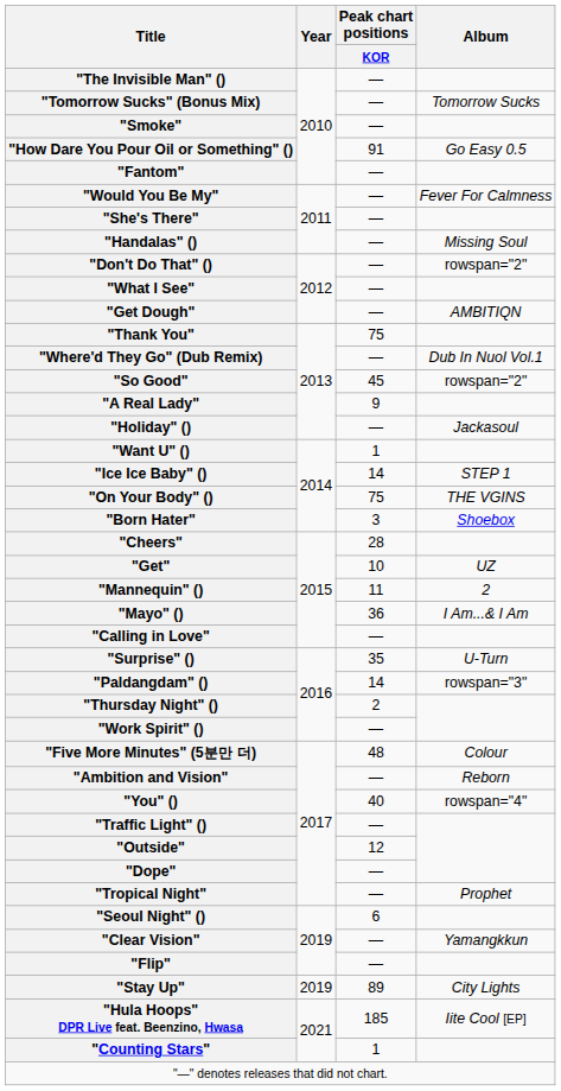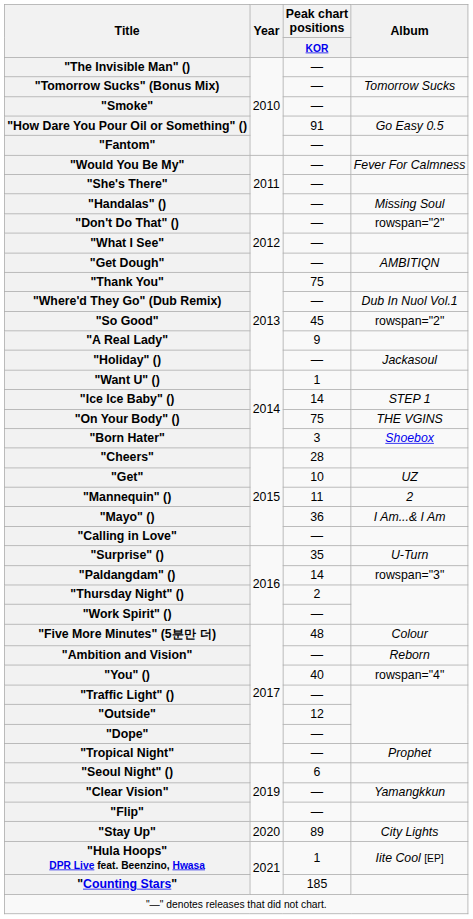 <table class="wikitable plainrowheaders" style="text-align:center;">
 <tr>
 <th scope="col" rowspan="2">Title</th>
 <th scope="col" rowspan="2">Year</th>
 <th scope="col" colspan="1">Peak chart <br> positions</th>
 <th scope="col" rowspan="2">Album</th>
 </tr>
 <tr>
 <th><small><a href='#'>KOR</a></small><br></th>
 </tr>
 <tr>
 <th scope="row">"The Invisible Man" ()<br></th>
 <td rowspan="5">2010</td>
 <td>—</td>
 <td></td>
 </tr>
 <tr>
 <th scope="row">"Tomorrow Sucks" (Bonus Mix)<br></th>
 <td>—</td>
 <td><em>Tomorrow Sucks</em></td>
 </tr>
 <tr>
 <th scope="row">"Smoke"<br></th>
 <td>—</td>
 <td></td>
 </tr>
 <tr>
 <th scope="row">"How Dare You Pour Oil or Something" ()<br></th>
 <td>91</td>
 <td><em>Go Easy 0.5</em></td>
 </tr>
 <tr>
 <th scope="row">"Fantom"<br></th>
 <td>—</td>
 <td></td>
 </tr>
 <tr>
 <th scope="row">"Would You Be My"<br></th>
 <td rowspan="3">2011</td>
 <td>—</td>
 <td><em>Fever For Calmness</em></td>
 </tr>
 <tr>
 <th scope="row">"She's There"<br></th>
 <td>—</td>
 <td></td>
 </tr>
 <tr>
 <th scope="row">"Handalas" ()<br></th>
 <td>—</td>
 <td><em>Missing Soul</em></td>
 </tr>
 <tr>
 <th scope="row">"Don't Do That" ()<br></th>
 <td rowspan="3">2012</td>
 <td>—</td>
 <td>rowspan="2" </td>
 </tr>
 <tr>
 <th scope="row">"What I See"<br></th>
 <td>—</td>
 </tr>
 <tr>
 <th scope="row">"Get Dough"<br></th>
 <td>—</td>
 <td><em>AMBITIQN</em></td>
 </tr>
 <tr>
 <th scope="row">"Thank You"<br></th>
 <td rowspan="5">2013</td>
 <td>75</td>
 <td></td>
 </tr>
 <tr>
 <th scope="row">"Where'd They Go" (Dub Remix)<br></th>
 <td>—</td>
 <td><em>Dub In Nuol Vol.1</em></td>
 </tr>
 <tr>
 <th scope="row">"So Good"<br></th>
 <td>45</td>
 <td>rowspan="2" </td>
 </tr>
 <tr>
 <th scope="row">"A Real Lady"<br></th>
 <td>9</td>
 </tr>
 <tr>
 <th scope="row">"Holiday" ()<br></th>
 <td>—</td>
 <td><em>Jackasoul</em></td>
 </tr>
 <tr>
 <th scope="row">"Want U" ()<br></th>
 <td rowspan="4">2014</td>
 <td>1</td>
 <td></td>
 </tr>
 <tr>
 <th scope="row">"Ice Ice Baby" ()<br></th>
 <td>14</td>
 <td><em>STEP 1</em></td>
 </tr>
 <tr>
 <th scope="row">"On Your Body" ()<br></th>
 <td>75</td>
 <td><em>THE VGINS</em></td>
 </tr>
 <tr>
 <th scope="row">"Born Hater"<br></th>
 <td>3</td>
 <td><em><a href='#'>Shoebox</a></em></td>
 </tr>
 <tr>
 <th scope="row">"Cheers"<br></th>
 <td rowspan="5">2015</td>
 <td>28</td>
 <td></td>
 </tr>
 <tr>
 <th scope="row">"Get"<br></th>
 <td>10</td>
 <td><em>UZ</em></td>
 </tr>
 <tr>
 <th scope="row">"Mannequin" ()<br></th>
 <td>11</td>
 <td><em>2</em></td>
 </tr>
 <tr>
 <th scope="row">"Mayo" ()<br></th>
 <td>36</td>
 <td><em>I Am...& I Am</em></td>
 </tr>
 <tr>
 <th scope="row">"Calling in Love"<br></th>
 <td>—</td>
 <td></td>
 </tr>
 <tr>
 <th scope="row">"Surprise" ()<br></th>
 <td rowspan="4">2016</td>
 <td>35</td>
 <td><em>U-Turn</em></td>
 </tr>
 <tr>
 <th scope="row">"Paldangdam" ()<br></th>
 <td>14</td>
 <td>rowspan="3" </td>
 </tr>
 <tr>
 <th scope="row">"Thursday Night" ()<br></th>
 <td>2</td>
 </tr>
 <tr>
 <th scope="row">"Work Spirit" ()<br></th>
 <td>—</td>
 </tr>
 <tr>
 <th scope="row">"Five More Minutes" (5분만 더)<br></th>
 <td rowspan="7">2017</td>
 <td>48</td>
 <td><em>Colour</em></td>
 </tr>
 <tr>
 <th scope="row">"Ambition and Vision"<br></th>
 <td>—</td>
 <td><em>Reborn</em></td>
 </tr>
 <tr>
 <th scope="row">"You" ()<br></th>
 <td>40</td>
 <td>rowspan="4" </td>
 </tr>
 <tr>
 <th scope="row">"Traffic Light" ()<br></th>
 <td>—</td>
 </tr>
 <tr>
 <th scope="row">"Outside"<br></th>
 <td>12</td>
 </tr>
 <tr>
 <th scope="row">"Dope"<br></th>
 <td>—</td>
 </tr>
 <tr>
 <th scope="row">"Tropical Night"<br></th>
 <td>—</td>
 <td><em>Prophet</em></td>
 </tr>
 <tr>
 <th scope="row">"Seoul Night" ()<br></th>
 <td rowspan="3">2019</td>
 <td>6</td>
 <td></td>
 </tr>
 <tr>
 <th scope="row">"Clear Vision"<br></th>
 <td>—</td>
 <td><em>Yamangkkun</em></td>
 </tr>
 <tr>
 <th scope="row">"Flip"<br></th>
 <td>—</td>
 <td></td>
 </tr>
 <tr>
 <th scope="row">"Stay Up"<br></th>
-<td>2019</td>
+<td>2020</td>
 <td>89</td>
 <td><em>City Lights</em></td>
 </tr>
 <tr>
 <th scope="row">"Hula Hoops"<br><small><a href='#'>DPR Live</a> feat. Beenzino, <a href='#'>Hwasa</a></small></th>
 <td rowspan="2">2021</td>
-<td>185</td>
+<td>1</td>
 <td><em>Iite Cool</em> <small>[EP]</small></td>
 </tr>
 <tr>
 <th scope="row">"<a href='#'>Counting Stars</a>"<br></th>
-<td>1</td>
+<td>185</td>
 <td></td>
 </tr>
 <tr>
 <td colspan="5" align="center"><small>"—" denotes releases that did not chart.</small></td>
 </tr>
 </table>
